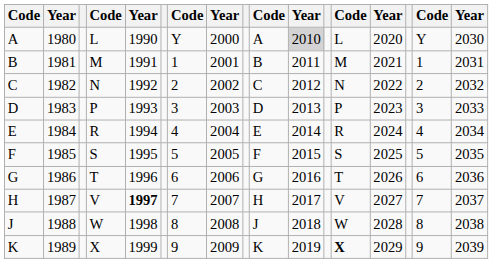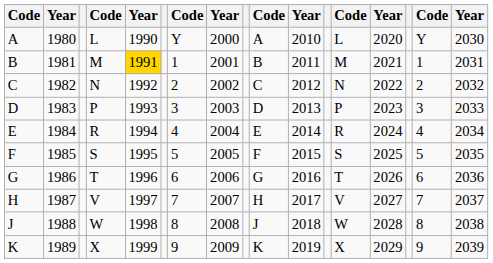 <table class="wikitable">
 <tr>
 <th>Code</th>
 <th>Year</th>
 <th></th>
 <th>Code</th>
 <th>Year</th>
 <th></th>
 <th>Code</th>
 <th>Year</th>
 <th></th>
 <th>Code</th>
 <th>Year</th>
 <th></th>
 <th>Code</th>
 <th>Year</th>
 <th></th>
 <th>Code</th>
 <th>Year</th>
 </tr>
 <tr>
 <td>A</td>
 <td>1980</td>
 <td></td>
 <td>L</td>
 <td>1990</td>
 <td></td>
 <td>Y</td>
 <td>2000</td>
 <td></td>
 <td>A</td>
-<td style="background: lightgrey;">2010</td>
+<td>2010</td>
 <td></td>
 <td>L</td>
 <td>2020</td>
 <td></td>
 <td>Y</td>
 <td>2030</td>
 </tr>
 <tr>
 <td>B</td>
 <td>1981</td>
 <td></td>
 <td>M</td>
-<td>1991</td>
+<td style="background: gold;">1991</td>
 <td></td>
 <td>1</td>
 <td>2001</td>
 <td></td>
 <td>B</td>
 <td>2011</td>
 <td></td>
 <td>M</td>
 <td>2021</td>
 <td></td>
 <td>1</td>
 <td>2031</td>
 </tr>
 <tr>
 <td>C</td>
 <td>1982</td>
 <td></td>
 <td>N</td>
 <td>1992</td>
 <td></td>
 <td>2</td>
 <td>2002</td>
 <td></td>
 <td>C</td>
 <td>2012</td>
 <td></td>
 <td>N</td>
 <td>2022</td>
 <td></td>
 <td>2</td>
 <td>2032</td>
 </tr>
 <tr>
 <td>D</td>
 <td>1983</td>
 <td></td>
 <td>P</td>
 <td>1993</td>
 <td></td>
 <td>3</td>
 <td>2003</td>
 <td></td>
 <td>D</td>
 <td>2013</td>
 <td></td>
 <td>P</td>
 <td>2023</td>
 <td></td>
 <td>3</td>
 <td>2033</td>
 </tr>
 <tr>
 <td>E</td>
 <td>1984</td>
 <td></td>
 <td>R</td>
 <td>1994</td>
 <td></td>
 <td>4</td>
 <td>2004</td>
 <td></td>
 <td>E</td>
 <td>2014</td>
 <td></td>
 <td>R</td>
 <td>2024</td>
 <td></td>
 <td>4</td>
 <td>2034</td>
 </tr>
 <tr>
 <td>F</td>
 <td>1985</td>
 <td></td>
 <td>S</td>
 <td>1995</td>
 <td></td>
 <td>5</td>
 <td>2005</td>
 <td></td>
 <td>F</td>
 <td>2015</td>
 <td></td>
 <td>S</td>
 <td>2025</td>
 <td></td>
 <td>5</td>
 <td>2035</td>
 </tr>
 <tr>
 <td>G</td>
 <td>1986</td>
 <td></td>
 <td>T</td>
 <td>1996</td>
 <td></td>
 <td>6</td>
 <td>2006</td>
 <td></td>
 <td>G</td>
 <td>2016</td>
 <td></td>
 <td>T</td>
 <td>2026</td>
 <td></td>
 <td>6</td>
 <td>2036</td>
 </tr>
 <tr>
 <td>H</td>
 <td>1987</td>
 <td></td>
 <td>V</td>
-<td><strong>1997</strong></td>
+<td>1997</td>
 <td></td>
 <td>7</td>
 <td>2007</td>
 <td></td>
 <td>H</td>
 <td>2017</td>
 <td></td>
 <td>V</td>
 <td>2027</td>
 <td></td>
 <td>7</td>
 <td>2037</td>
 </tr>
 <tr>
 <td>J</td>
 <td>1988</td>
 <td></td>
 <td>W</td>
 <td>1998</td>
 <td></td>
 <td>8</td>
 <td>2008</td>
 <td></td>
 <td>J</td>
 <td>2018</td>
 <td></td>
 <td>W</td>
 <td>2028</td>
 <td></td>
 <td>8</td>
 <td>2038</td>
 </tr>
 <tr>
 <td>K</td>
 <td>1989</td>
 <td></td>
 <td>X</td>
 <td>1999</td>
 <td></td>
 <td>9</td>
 <td>2009</td>
 <td></td>
 <td>K</td>
 <td>2019</td>
 <td></td>
-<td><strong>X</strong></td>
+<td>X</td>
 <td>2029</td>
 <td></td>
 <td>9</td>
 <td>2039</td>
 </tr>
 </table>
